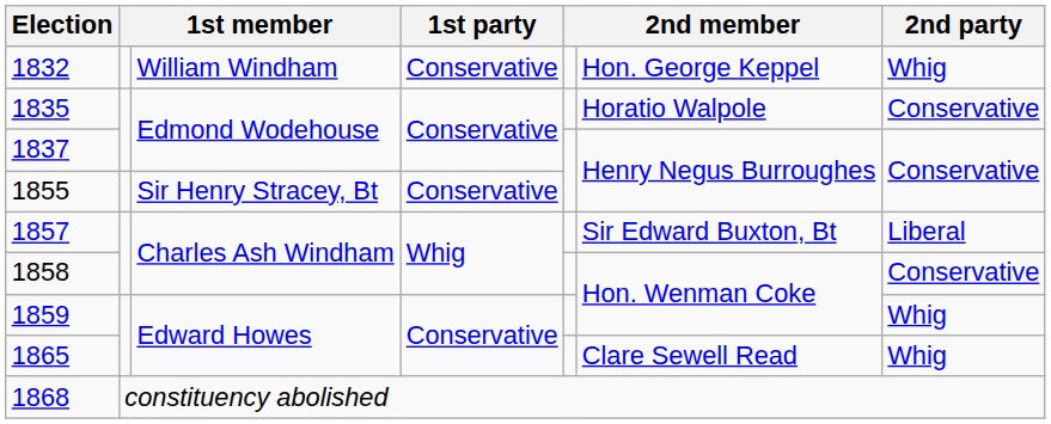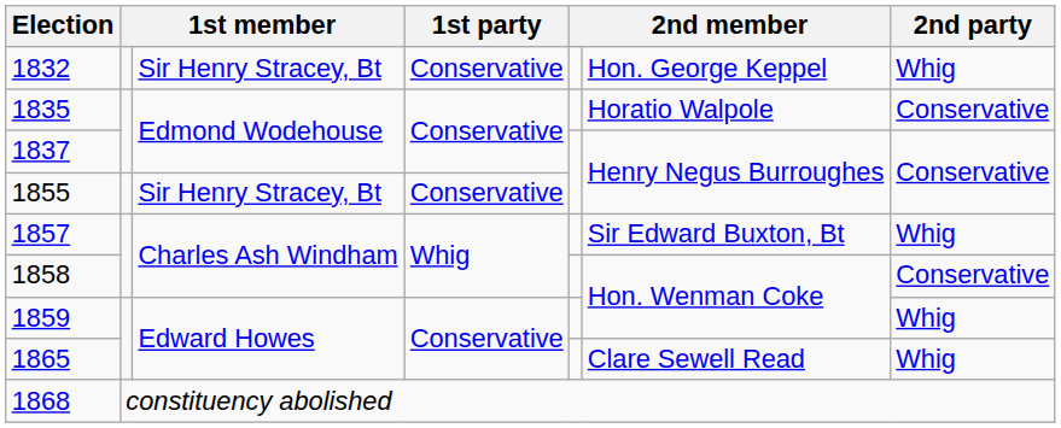 <table class="wikitable">
 <tr>
 <th>Election</th>
 <th colspan="2">1st member</th>
 <th>1st party</th>
 <th colspan="2">2nd member</th>
 <th>2nd party</th>
 </tr>
 <tr>
 <td><a href='#'>1832</a></td>
 <td style="color:inherit;background-color: "></td>
-<td><a href='#'>William Windham</a></td>
+<td><a href='#'>Sir Henry Stracey, Bt</a></td>
 <td><a href='#'>Conservative</a></td>
 <td style="color:inherit;background-color: "></td>
 <td><a href='#'>Hon. George Keppel</a></td>
 <td><a href='#'>Whig</a></td>
 </tr>
 <tr>
 <td><a href='#'>1835</a></td>
 <td rowspan="2" style="color:inherit;background-color: "></td>
 <td rowspan="2"><a href='#'>Edmond Wodehouse</a></td>
 <td rowspan="2"><a href='#'>Conservative</a></td>
 <td style="color:inherit;background-color: "></td>
 <td><a href='#'>Horatio Walpole</a></td>
 <td><a href='#'>Conservative</a></td>
 </tr>
 <tr>
 <td><a href='#'>1837</a></td>
 <td rowspan="2" style="color:inherit;background-color: "></td>
 <td rowspan="2"><a href='#'>Henry Negus Burroughes</a></td>
 <td rowspan="2"><a href='#'>Conservative</a></td>
 </tr>
 <tr>
 <td>1855</td>
 <td style="color:inherit;background-color: "></td>
 <td><a href='#'>Sir Henry Stracey, Bt</a></td>
 <td><a href='#'>Conservative</a></td>
 </tr>
 <tr>
 <td><a href='#'>1857</a></td>
 <td rowspan="2" style="color:inherit;background-color: "></td>
 <td rowspan="2"><a href='#'>Charles Ash Windham</a></td>
 <td rowspan="2"><a href='#'>Whig</a></td>
 <td style="color:inherit;background-color: "></td>
 <td><a href='#'>Sir Edward Buxton, Bt</a></td>
-<td><a href='#'>Liberal</a></td>
+<td><a href='#'>Whig</a></td>
 </tr>
 <tr>
 <td>1858</td>
 <td style="color:inherit;background-color: "></td>
 <td rowspan="2"><a href='#'>Hon. Wenman Coke</a></td>
 <td><a href='#'>Conservative</a></td>
 </tr>
 <tr>
 <td><a href='#'>1859</a></td>
 <td rowspan="2" style="color:inherit;background-color: "></td>
 <td rowspan="2"><a href='#'>Edward Howes</a></td>
 <td rowspan="2"><a href='#'>Conservative</a></td>
 <td style="color:inherit;background-color: "></td>
 <td><a href='#'>Whig</a></td>
 </tr>
 <tr>
 <td><a href='#'>1865</a></td>
 <td style="color:inherit;background-color: "></td>
 <td><a href='#'>Clare Sewell Read</a></td>
 <td><a href='#'>Whig</a></td>
 </tr>
 <tr>
 <td><a href='#'>1868</a></td>
 <td colspan="6"><em>constituency abolished</em></td>
 </tr>
 </table>
